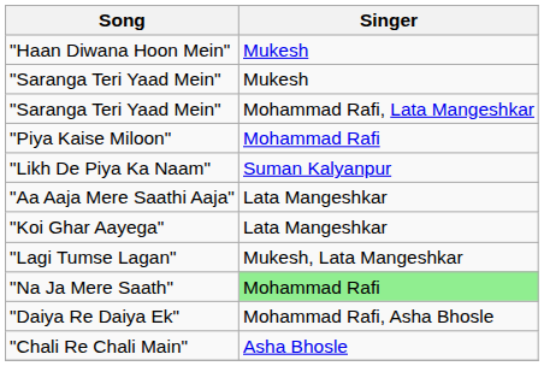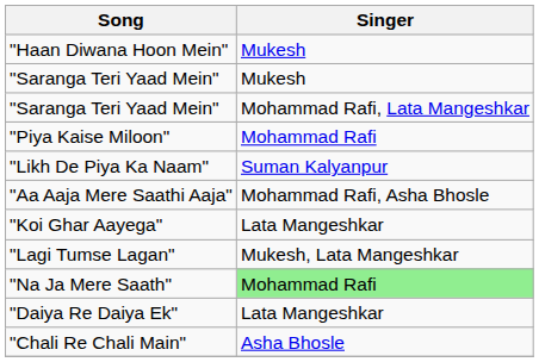 <table class="wikitable" style="font-size:95%;">
 <tr>
 <th>Song</th>
 <th>Singer</th>
 </tr>
 <tr>
 <td>"Haan Diwana Hoon Mein"</td>
 <td><a href='#'>Mukesh</a></td>
 </tr>
 <tr>
 <td>"Saranga Teri Yaad Mein"</td>
 <td>Mukesh</td>
 </tr>
 <tr>
 <td>"Saranga Teri Yaad Mein"</td>
 <td>Mohammad Rafi, <a href='#'>Lata Mangeshkar</a></td>
 </tr>
 <tr>
 <td>"Piya Kaise Miloon"</td>
 <td><a href='#'>Mohammad Rafi</a></td>
 </tr>
 <tr>
 <td>"Likh De Piya Ka Naam"</td>
 <td><a href='#'>Suman Kalyanpur</a></td>
 </tr>
 <tr>
 <td>"Aa Aaja Mere Saathi Aaja"</td>
-<td>Lata Mangeshkar</td>
+<td>Mohammad Rafi, Asha Bhosle</td>
 </tr>
 <tr>
 <td>"Koi Ghar Aayega"</td>
 <td>Lata Mangeshkar</td>
 </tr>
 <tr>
 <td>"Lagi Tumse Lagan"</td>
 <td>Mukesh, Lata Mangeshkar</td>
 </tr>
 <tr>
 <td>"Na Ja Mere Saath"</td>
 <td style="background: lightgreen;">Mohammad Rafi</td>
 </tr>
 <tr>
 <td>"Daiya Re Daiya Ek"</td>
-<td>Mohammad Rafi, Asha Bhosle</td>
+<td>Lata Mangeshkar</td>
 </tr>
 <tr>
 <td>"Chali Re Chali Main"</td>
 <td><a href='#'>Asha Bhosle</a></td>
 </tr>
 <tr>
 </tr>
 </table>
